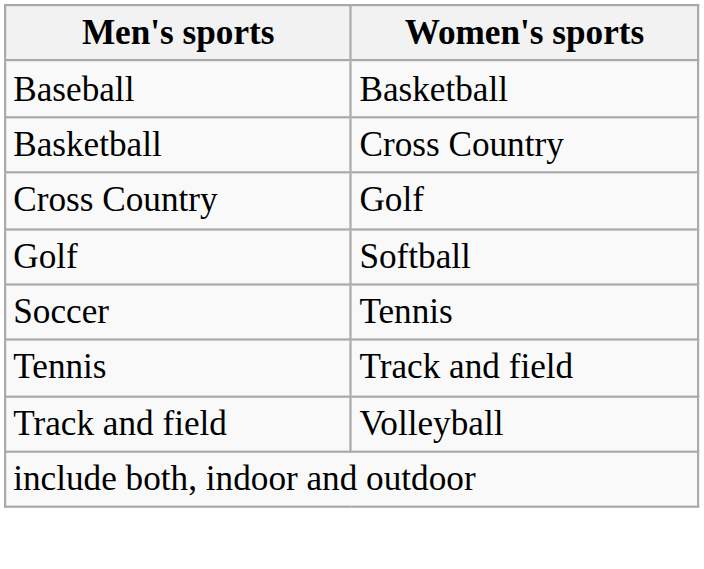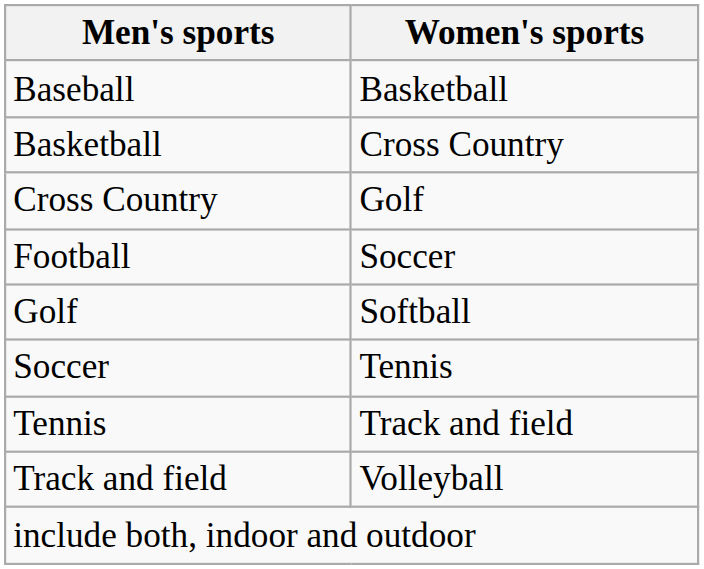 <table class="wikitable"; style= "text-align: ">
 <tr>
 <th width=150px>Men's sports</th>
 <th width=150px>Women's sports</th>
 </tr>
 <tr>
 <td>Baseball</td>
 <td>Basketball</td>
 </tr>
 <tr>
 <td>Basketball</td>
 <td>Cross Country</td>
 </tr>
 <tr>
 <td>Cross Country</td>
 <td>Golf</td>
+</tr>
+<tr>
+<td>Football</td>
+<td>Soccer</td>
 </tr>
 <tr>
 <td>Golf</td>
 <td>Softball</td>
 </tr>
 <tr>
 <td>Soccer</td>
 <td>Tennis</td>
 </tr>
 <tr>
 <td>Tennis</td>
 <td>Track and field</td>
 </tr>
 <tr>
 <td>Track and field</td>
 <td>Volleyball</td>
 </tr>
 <tr>
 <td colspan="2"> include both, indoor and outdoor</td>
 </tr>
 </table>
